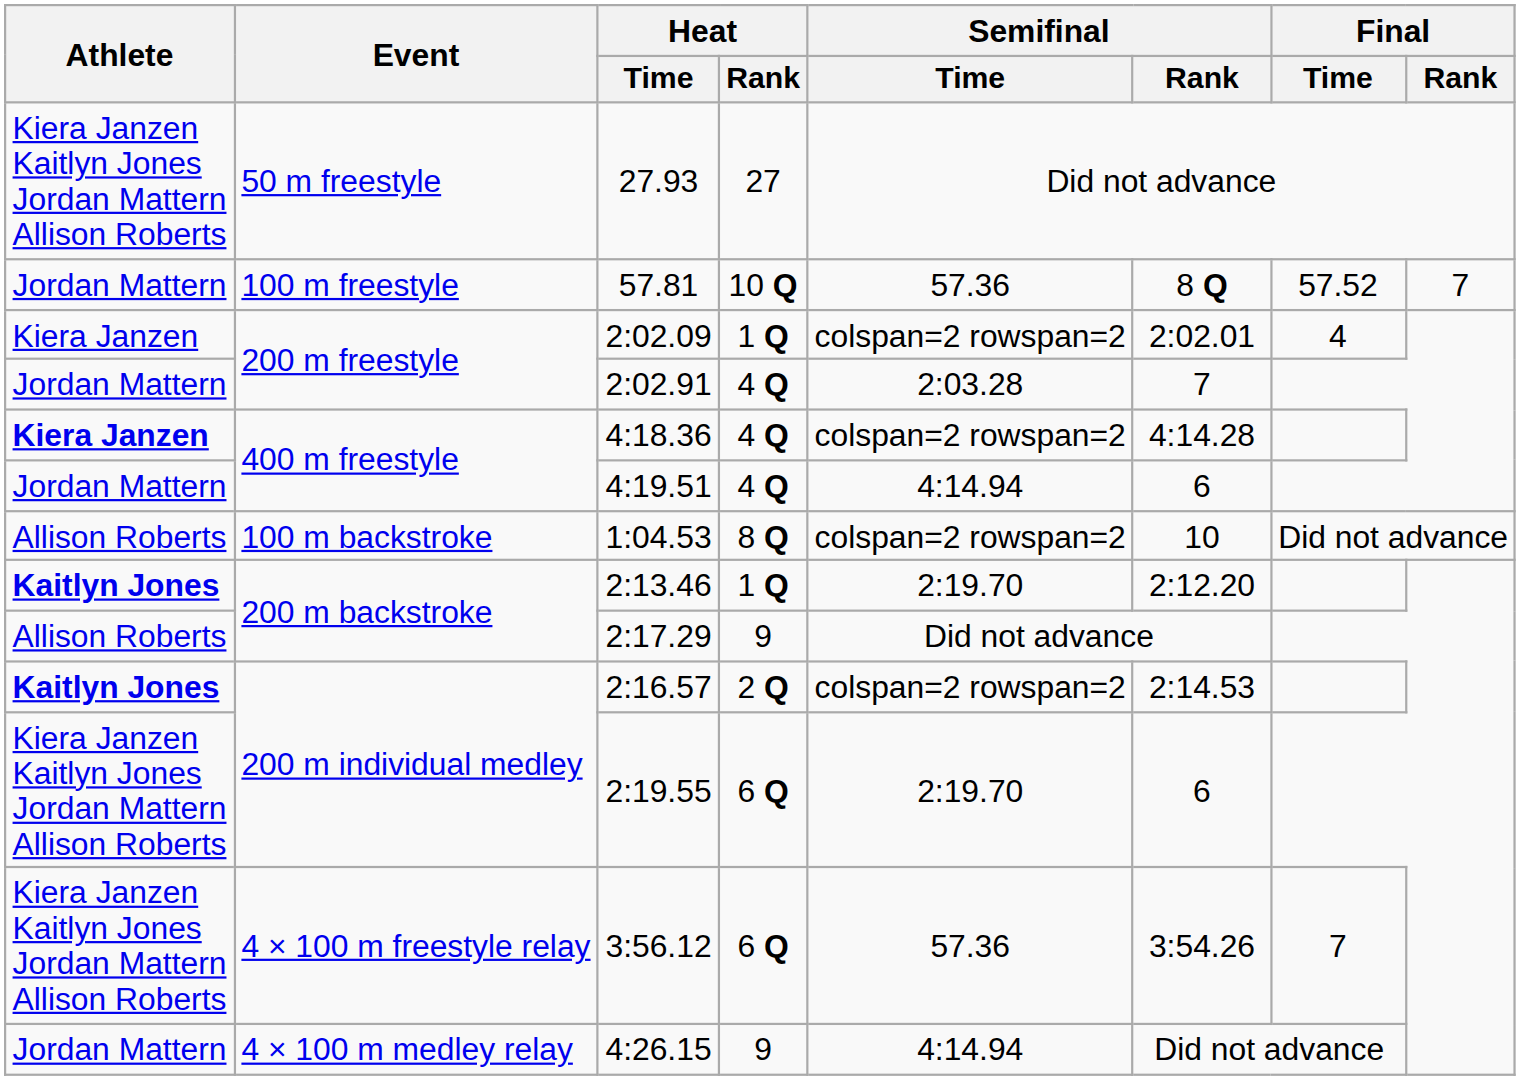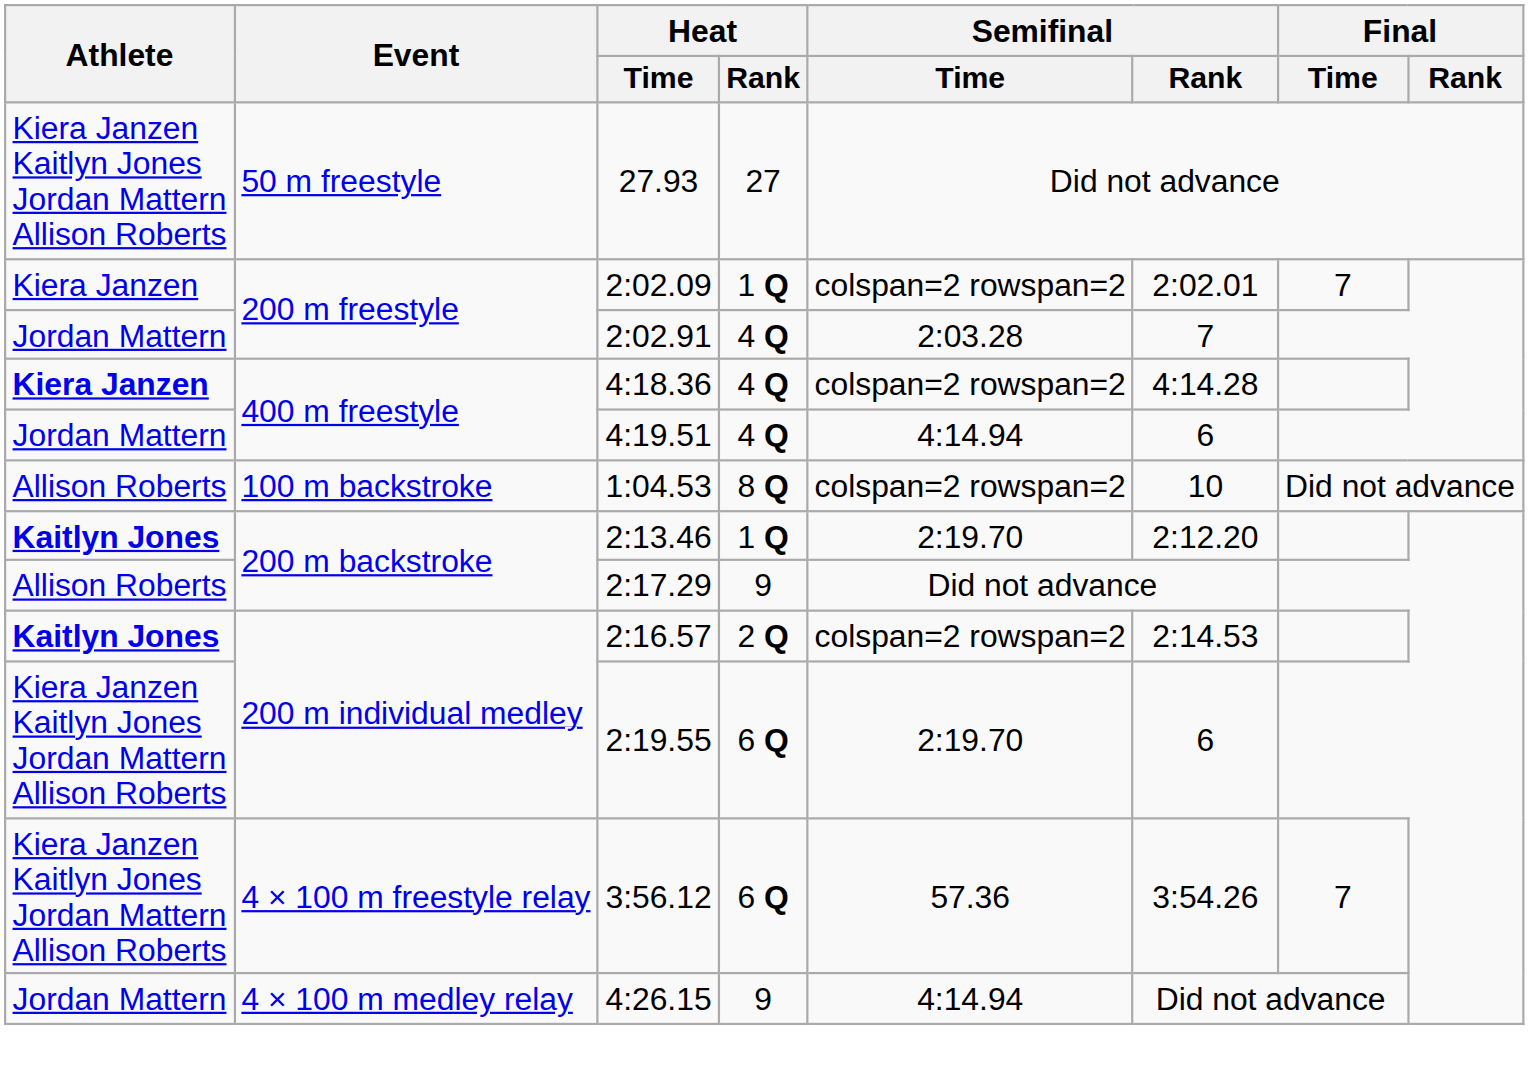 <table class=wikitable style=font-size:90%;text-align:center>
 <tr>
 <th rowspan=2>Athlete</th>
 <th rowspan=2>Event</th>
 <th colspan=2>Heat</th>
 <th colspan=2>Semifinal</th>
 <th colspan=2>Final</th>
 </tr>
 <tr style=font-size:95%>
 <th>Time</th>
 <th>Rank</th>
 <th>Time</th>
 <th>Rank</th>
 <th>Time</th>
 <th>Rank</th>
 </tr>
 <tr>
 <td align=left><a href='#'>Kiera Janzen</a><br><a href='#'>Kaitlyn Jones</a><br><a href='#'>Jordan Mattern</a><br><a href='#'>Allison Roberts</a></td>
 <td align=left><a href='#'>50 m freestyle</a></td>
 <td>27.93</td>
 <td>27</td>
 <td colspan=4>Did not advance</td>
 </tr>
 <tr>
-<td align=left><a href='#'>Jordan Mattern</a></td>
-<td align=left><a href='#'>100 m freestyle</a></td>
-<td>57.81</td>
-<td>10 <strong>Q</strong></td>
-<td>57.36</td>
-<td>8 <strong>Q</strong></td>
-<td>57.52</td>
-<td>7</td>
-</tr>
-<tr>
 <td align=left><a href='#'>Kiera Janzen</a></td>
 <td align=left rowspan=2><a href='#'>200 m freestyle</a></td>
 <td>2:02.09</td>
 <td>1 <strong>Q</strong></td>
 <td>colspan=2 rowspan=2 </td>
 <td>2:02.01</td>
-<td>4</td>
+<td>7</td>
 </tr>
 <tr>
 <td align=left><a href='#'>Jordan Mattern</a></td>
 <td>2:02.91</td>
 <td>4 <strong>Q</strong></td>
 <td>2:03.28</td>
 <td>7</td>
 </tr>
 <tr>
 <td align=left><strong><a href='#'>Kiera Janzen</a></strong></td>
 <td align=left rowspan=2><a href='#'>400 m freestyle</a></td>
 <td>4:18.36</td>
 <td>4 <strong>Q</strong></td>
 <td>colspan=2 rowspan=2 </td>
 <td>4:14.28</td>
 <td></td>
 </tr>
 <tr>
 <td align=left><a href='#'>Jordan Mattern</a></td>
 <td>4:19.51</td>
 <td>4 <strong>Q</strong></td>
 <td>4:14.94</td>
 <td>6</td>
 </tr>
 <tr>
 <td align=left><a href='#'>Allison Roberts</a></td>
 <td align=left><a href='#'>100 m backstroke</a></td>
 <td>1:04.53</td>
 <td>8 <strong>Q</strong></td>
 <td>colspan=2 rowspan=2 </td>
 <td>10</td>
 <td colspan=2>Did not advance</td>
 </tr>
 <tr>
 <td align=left><strong><a href='#'>Kaitlyn Jones</a></strong></td>
 <td align=left rowspan=2><a href='#'>200 m backstroke</a></td>
 <td>2:13.46</td>
 <td>1 <strong>Q</strong></td>
 <td>2:19.70</td>
 <td>2:12.20</td>
 <td></td>
 </tr>
 <tr>
 <td align=left><a href='#'>Allison Roberts</a></td>
 <td>2:17.29</td>
 <td>9</td>
 <td colspan=2>Did not advance</td>
 </tr>
 <tr>
 <td align=left><strong><a href='#'>Kaitlyn Jones</a></strong></td>
 <td align=left rowspan=2><a href='#'>200 m individual medley</a></td>
 <td>2:16.57</td>
 <td>2 <strong>Q</strong></td>
 <td>colspan=2 rowspan=2 </td>
 <td>2:14.53</td>
 <td></td>
 </tr>
 <tr>
 <td align=left><a href='#'>Kiera Janzen</a><br><a href='#'>Kaitlyn Jones</a><br><a href='#'>Jordan Mattern</a><br><a href='#'>Allison Roberts</a></td>
 <td>2:19.55</td>
 <td>6 <strong>Q</strong></td>
 <td>2:19.70</td>
 <td>6</td>
 </tr>
 <tr>
 <td align=left><a href='#'>Kiera Janzen</a><br><a href='#'>Kaitlyn Jones</a><br><a href='#'>Jordan Mattern</a><br><a href='#'>Allison Roberts</a></td>
 <td align=left><a href='#'>4 × 100 m freestyle relay</a></td>
 <td>3:56.12</td>
 <td>6 <strong>Q</strong></td>
 <td>57.36</td>
 <td>3:54.26</td>
 <td>7</td>
 </tr>
 <tr>
 <td align=left><a href='#'>Jordan Mattern</a></td>
 <td align=left><a href='#'>4 × 100 m medley relay</a></td>
 <td>4:26.15</td>
 <td>9</td>
 <td>4:14.94</td>
 <td colspan=2>Did not advance</td>
 </tr>
 </table>
